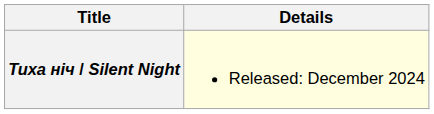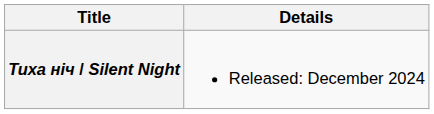 <table class="wikitable plainrowheaders" style="text-align:center;" border="1">
 <tr>
 <th>Title</th>
 <th>Details</th>
 </tr>
 <tr>
 <th scope="row"><em>Тиха ніч</em> / <em>Silent Night</em></th>
-<td style="background: lightyellow;"><br><ul><li>Released: December 2024</li></ul></td>
+<td><br><ul><li>Released: December 2024</li></ul></td>
 </tr>
 </table>
